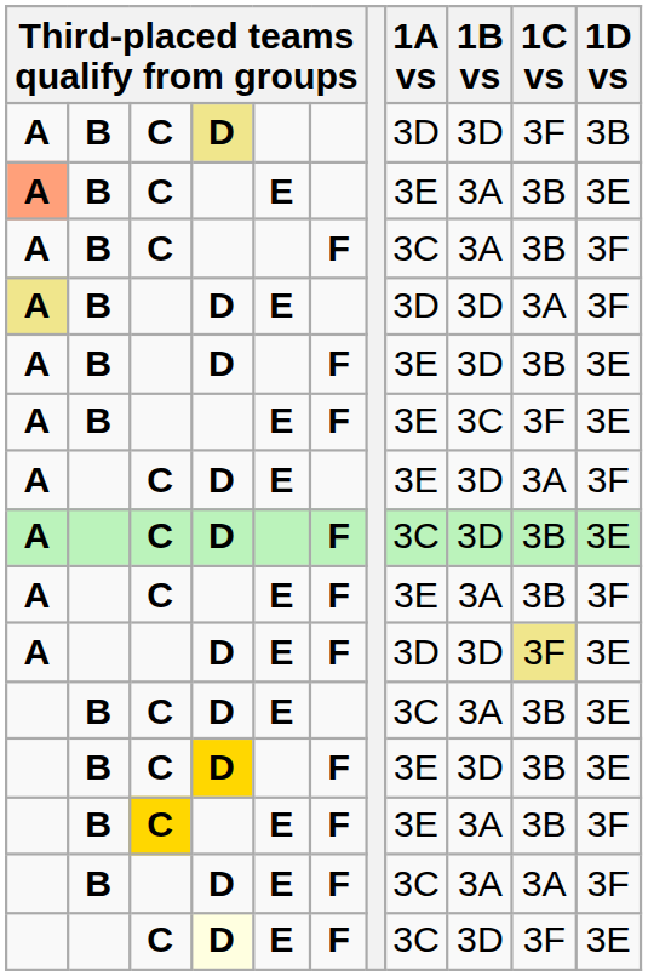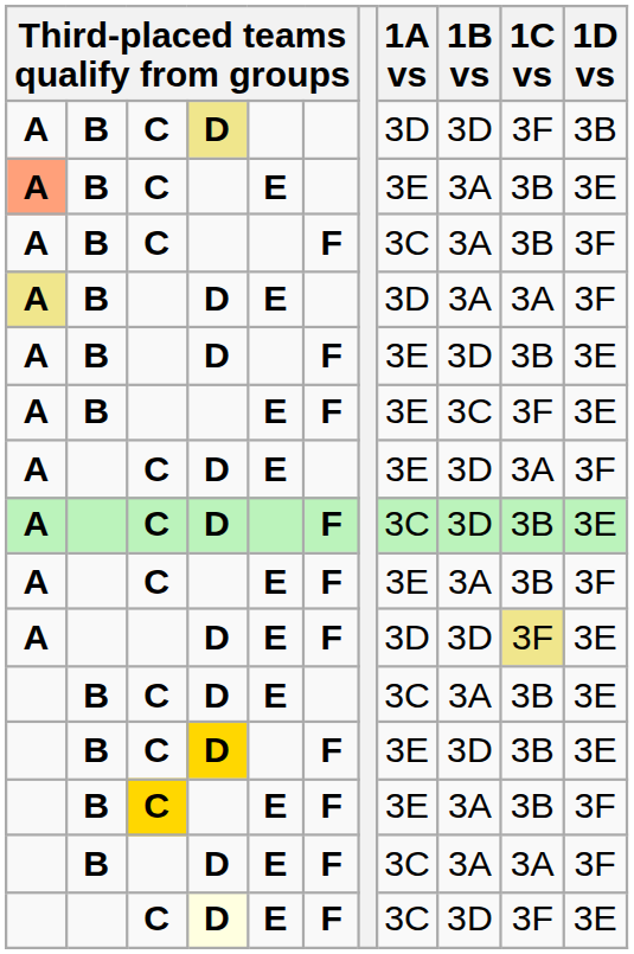 <table class="wikitable" style="text-align:center; font-size:85%">
 <tr>
 <th colspan="6">Third-placed teams<br>qualify from groups</th>
 <th rowspan="16"></th>
 <th>1A<br>vs</th>
 <th>1B<br>vs</th>
 <th>1C<br>vs</th>
 <th>1D<br>vs</th>
 </tr>
 <tr>
 <td><strong>A</strong></td>
 <td><strong>B</strong></td>
 <td><strong>C</strong></td>
 <td style="background: khaki;"><strong>D</strong></td>
 <td></td>
 <td></td>
 <td>3D</td>
 <td>3D</td>
 <td>3F</td>
 <td>3B</td>
 </tr>
 <tr>
 <td style="background: lightsalmon;"><strong>A</strong></td>
 <td><strong>B</strong></td>
 <td><strong>C</strong></td>
 <td></td>
 <td><strong>E</strong></td>
 <td></td>
 <td>3E</td>
 <td>3A</td>
 <td>3B</td>
 <td>3E</td>
 </tr>
 <tr>
 <td><strong>A</strong></td>
 <td><strong>B</strong></td>
 <td><strong>C</strong></td>
 <td></td>
 <td></td>
 <td><strong>F</strong></td>
 <td>3C</td>
 <td>3A</td>
 <td>3B</td>
 <td>3F</td>
 </tr>
 <tr>
 <td style="background: khaki;"><strong>A</strong></td>
 <td><strong>B</strong></td>
 <td></td>
 <td><strong>D</strong></td>
 <td><strong>E</strong></td>
 <td></td>
 <td>3D</td>
-<td>3D</td>
+<td>3A</td>
 <td>3A</td>
 <td>3F</td>
 </tr>
 <tr>
 <td><strong>A</strong></td>
 <td><strong>B</strong></td>
 <td></td>
 <td><strong>D</strong></td>
 <td></td>
 <td><strong>F</strong></td>
 <td>3E</td>
 <td>3D</td>
 <td>3B</td>
 <td>3E</td>
 </tr>
 <tr>
 <td><strong>A</strong></td>
 <td><strong>B</strong></td>
 <td></td>
 <td></td>
 <td><strong>E</strong></td>
 <td><strong>F</strong></td>
 <td>3E</td>
 <td>3C</td>
 <td>3F</td>
 <td>3E</td>
 </tr>
 <tr>
 <td><strong>A</strong></td>
 <td></td>
 <td><strong>C</strong></td>
 <td><strong>D</strong></td>
 <td><strong>E</strong></td>
 <td></td>
 <td>3E</td>
 <td>3D</td>
 <td>3A</td>
 <td>3F</td>
 </tr>
 <tr bgcolor=#BBF3BB>
 <td><strong>A</strong></td>
 <td></td>
 <td><strong>C</strong></td>
 <td><strong>D</strong></td>
 <td></td>
 <td><strong>F</strong></td>
 <td>3C</td>
 <td>3D</td>
 <td>3B</td>
 <td>3E</td>
 </tr>
 <tr>
 <td><strong>A</strong></td>
 <td></td>
 <td><strong>C</strong></td>
 <td></td>
 <td><strong>E</strong></td>
 <td><strong>F</strong></td>
 <td>3E</td>
 <td>3A</td>
 <td>3B</td>
 <td>3F</td>
 </tr>
 <tr>
 <td><strong>A</strong></td>
 <td></td>
 <td></td>
 <td><strong>D</strong></td>
 <td><strong>E</strong></td>
 <td><strong>F</strong></td>
 <td>3D</td>
 <td>3D</td>
 <td style="background: khaki;">3F</td>
 <td>3E</td>
 </tr>
 <tr>
 <td></td>
 <td><strong>B</strong></td>
 <td><strong>C</strong></td>
 <td><strong>D</strong></td>
 <td><strong>E</strong></td>
 <td></td>
 <td>3C</td>
 <td>3A</td>
 <td>3B</td>
 <td>3E</td>
 </tr>
 <tr>
 <td></td>
 <td><strong>B</strong></td>
 <td><strong>C</strong></td>
 <td style="background: gold;"><strong>D</strong></td>
 <td></td>
 <td><strong>F</strong></td>
 <td>3E</td>
 <td>3D</td>
 <td>3B</td>
 <td>3E</td>
 </tr>
 <tr>
 <td></td>
 <td><strong>B</strong></td>
 <td style="background: gold;"><strong>C</strong></td>
 <td></td>
 <td><strong>E</strong></td>
 <td><strong>F</strong></td>
 <td>3E</td>
 <td>3A</td>
 <td>3B</td>
 <td>3F</td>
 </tr>
 <tr>
 <td></td>
 <td><strong>B</strong></td>
 <td></td>
 <td><strong>D</strong></td>
 <td><strong>E</strong></td>
 <td><strong>F</strong></td>
 <td>3C</td>
 <td>3A</td>
 <td>3A</td>
 <td>3F</td>
 </tr>
 <tr>
 <td></td>
 <td></td>
 <td><strong>C</strong></td>
 <td style="background: lightyellow;"><strong>D</strong></td>
 <td><strong>E</strong></td>
 <td><strong>F</strong></td>
 <td>3C</td>
 <td>3D</td>
 <td>3F</td>
 <td>3E</td>
 </tr>
 </table>
